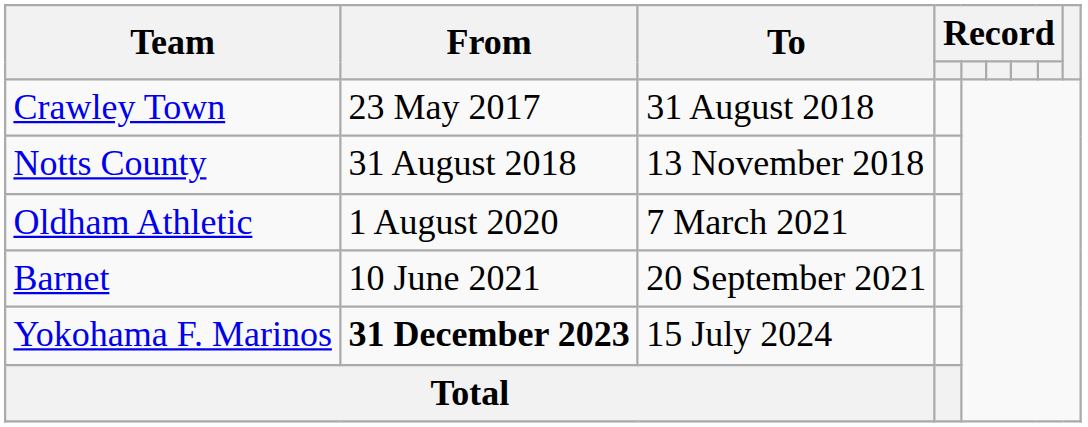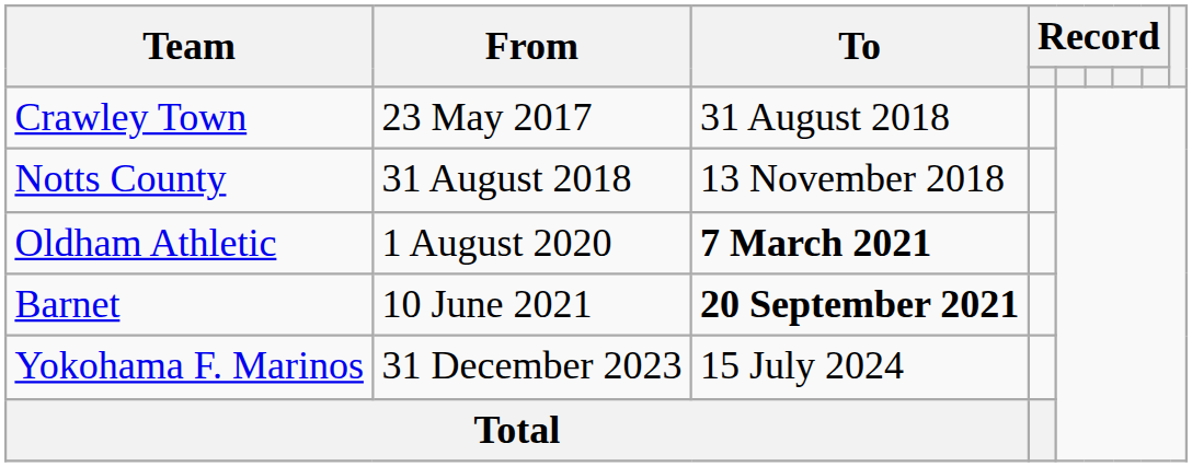 <table class=wikitable style=text-align:center>
 <tr>
 <th rowspan=2>Team</th>
 <th rowspan=2>From</th>
 <th rowspan=2>To</th>
 <th colspan=5>Record</th>
 <th rowspan=2></th>
 </tr>
 <tr>
 <th></th>
 <th></th>
 <th></th>
 <th></th>
 <th></th>
 </tr>
 <tr>
 <td align=left><a href='#'>Crawley Town</a></td>
 <td align=left>23 May 2017</td>
 <td align=left>31 August 2018<br></td>
 <td></td>
 </tr>
 <tr>
 <td align=left><a href='#'>Notts County</a></td>
 <td align=left>31 August 2018</td>
 <td align=left>13 November 2018<br></td>
 <td></td>
 </tr>
 <tr>
 <td align=left><a href='#'>Oldham Athletic</a></td>
 <td align=left>1 August 2020</td>
-<td align=left>7 March 2021<br></td>
+<td align=left><strong>7 March 2021<br></strong></td>
 <td></td>
 </tr>
 <tr>
 <td align=left><a href='#'>Barnet</a></td>
 <td align=left>10 June 2021</td>
-<td align=left>20 September 2021<br></td>
+<td align=left><strong>20 September 2021<br></strong></td>
 <td></td>
 </tr>
 <tr>
 <td align=left><a href='#'>Yokohama F. Marinos</a></td>
-<td align=left><strong>31 December 2023</strong></td>
+<td align=left>31 December 2023</td>
 <td align=left>15 July 2024<br></td>
 <td></td>
 </tr>
 <tr>
 <th colspan=3>Total<br></th>
 <th></th>
 </tr>
 </table>
